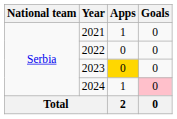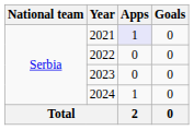 <table class="wikitable" style="text-align:center">
 <tr>
 <th>National team</th>
 <th>Year</th>
 <th>Apps</th>
 <th>Goals</th>
 </tr>
 <tr>
 <td rowspan="4"><a href='#'>Serbia</a></td>
 <td>2021</td>
-<td>1</td>
+<td style="background: lavender;">1</td>
 <td>0</td>
 </tr>
 <tr>
 <td>2022</td>
 <td>0</td>
 <td>0</td>
 </tr>
 <tr>
 <td>2023</td>
-<td style="background: gold;">0</td>
+<td>0</td>
 <td>0</td>
 </tr>
 <tr>
 <td>2024</td>
 <td>1</td>
-<td style="background: pink;">0</td>
+<td>0</td>
 </tr>
 <tr>
 <th colspan="2">Total</th>
 <th>2</th>
 <th>0</th>
 </tr>
 </table>
